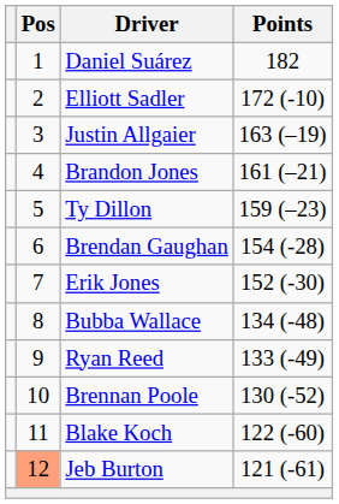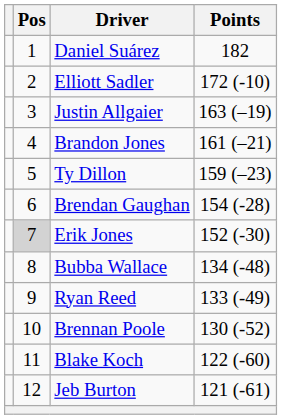 <table class="wikitable" style="font-size: 95%;">
 <tr>
 <th></th>
 <th>Pos</th>
 <th>Driver</th>
 <th>Points</th>
 </tr>
 <tr>
 <td align="left"></td>
 <td style="text-align:center;">1</td>
 <td><a href='#'>Daniel Suárez</a></td>
 <td style="text-align:center;">182</td>
 </tr>
 <tr>
 <td align="left"></td>
 <td style="text-align:center;">2</td>
 <td><a href='#'>Elliott Sadler</a></td>
 <td style="text-align:center;">172 (-10)</td>
 </tr>
 <tr>
 <td align="left"></td>
 <td style="text-align:center;">3</td>
 <td><a href='#'>Justin Allgaier</a></td>
 <td style="text-align:center;">163 (–19)</td>
 </tr>
 <tr>
 <td align="left"></td>
 <td style="text-align:center;">4</td>
 <td><a href='#'>Brandon Jones</a></td>
 <td style="text-align:center;">161 (–21)</td>
 </tr>
 <tr>
 <td align="left"></td>
 <td style="text-align:center;">5</td>
 <td><a href='#'>Ty Dillon</a></td>
 <td style="text-align:center;">159 (–23)</td>
 </tr>
 <tr>
 <td align="left"></td>
 <td style="text-align:center;">6</td>
 <td><a href='#'>Brendan Gaughan</a></td>
 <td style="text-align:center;">154 (-28)</td>
 </tr>
 <tr>
 <td align="left"></td>
-<td style="text-align:center;">7</td>
+<td style="background: lightgrey; text-align:center;">7</td>
 <td><a href='#'>Erik Jones</a></td>
 <td style="text-align:center;">152 (-30)</td>
 </tr>
 <tr>
 <td align="left"></td>
 <td style="text-align:center;">8</td>
 <td><a href='#'>Bubba Wallace</a></td>
 <td style="text-align:center;">134 (-48)</td>
 </tr>
 <tr>
 <td align="left"></td>
 <td style="text-align:center;">9</td>
 <td><a href='#'>Ryan Reed</a></td>
 <td style="text-align:center;">133 (-49)</td>
 </tr>
 <tr>
 <td align="left"></td>
 <td style="text-align:center;">10</td>
 <td><a href='#'>Brennan Poole</a></td>
 <td style="text-align:center;">130 (-52)</td>
 </tr>
 <tr>
 <td align="left"></td>
 <td style="text-align:center;">11</td>
 <td><a href='#'>Blake Koch</a></td>
 <td style="text-align:center;">122 (-60)</td>
 </tr>
 <tr>
 <td align="left"></td>
-<td style="background: lightsalmon; text-align:center;">12</td>
+<td style="text-align:center;">12</td>
 <td><a href='#'>Jeb Burton</a></td>
 <td style="text-align:center;">121 (-61)</td>
 </tr>
 <tr class="sortbottom">
 <th colspan="9"></th>
 </tr>
 </table>
